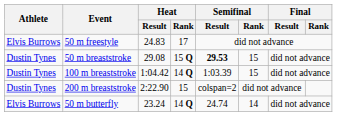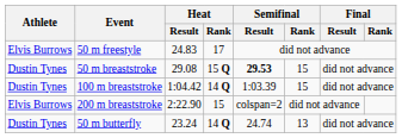 <table class=wikitable style=font-size:90%>
 <tr>
 <th rowspan=2>Athlete</th>
 <th rowspan=2>Event</th>
 <th colspan=2>Heat</th>
 <th colspan=2>Semifinal</th>
 <th colspan=2>Final</th>
 </tr>
 <tr style=font-size:95%>
 <th>Result</th>
 <th>Rank</th>
 <th>Result</th>
 <th>Rank</th>
 <th>Result</th>
 <th>Rank</th>
 </tr>
 <tr align=center>
 <td align=left><a href='#'>Elvis Burrows</a></td>
 <td align=left><a href='#'>50 m freestyle</a></td>
 <td>24.83</td>
 <td>17</td>
 <td colspan=4>did not advance</td>
 </tr>
 <tr align=center>
 <td align=left><a href='#'>Dustin Tynes</a></td>
 <td align=left><a href='#'>50 m breaststroke</a></td>
 <td>29.08</td>
 <td>15 <strong>Q</strong></td>
 <td><strong>29.53</strong></td>
 <td>15</td>
 <td colspan=2>did not advance</td>
 </tr>
 <tr align=center>
 <td align=left><a href='#'>Dustin Tynes</a></td>
 <td align=left><a href='#'>100 m breaststroke</a></td>
 <td>1:04.42</td>
 <td>14 <strong>Q</strong></td>
 <td>1:03.39</td>
 <td>15</td>
 <td colspan=2>did not advance</td>
 </tr>
 <tr align=center>
-<td align=left><a href='#'>Dustin Tynes</a></td>
+<td align=left><a href='#'>Elvis Burrows</a></td>
 <td align=left><a href='#'>200 m breaststroke</a></td>
 <td>2:22.90</td>
 <td>15</td>
 <td>colspan=2 </td>
 <td colspan=2>did not advance</td>
 </tr>
 <tr align=center>
-<td align=left><a href='#'>Elvis Burrows</a></td>
+<td align=left><a href='#'>Dustin Tynes</a></td>
 <td align=left><a href='#'>50 m butterfly</a></td>
 <td>23.24</td>
 <td>14 <strong>Q</strong></td>
 <td>24.74</td>
-<td>14</td>
+<td>13</td>
 <td colspan=2>did not advance</td>
 </tr>
 </table>
